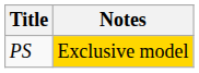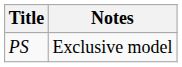 <table class="wikitable">
 <tr>
 <th>Title</th>
 <th>Notes</th>
 </tr>
 <tr>
 <td><em>PS</em></td>
-<td style="background: gold;">Exclusive model</td>
+<td>Exclusive model</td>
 </tr>
 </table>
